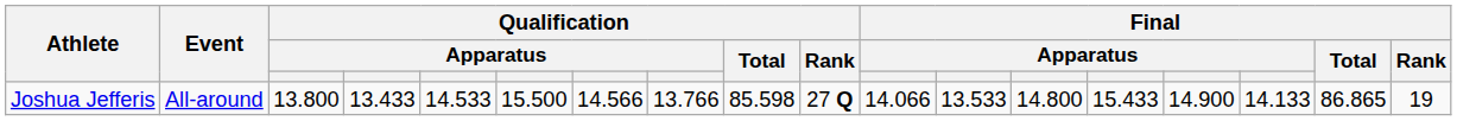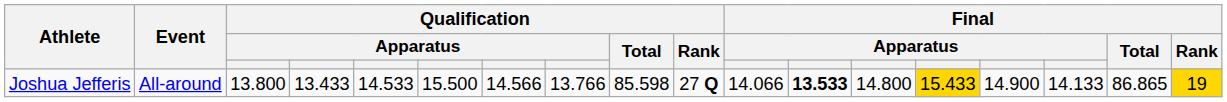 <table class="wikitable" style="font-size:90%">
 <tr>
 <th rowspan="3">Athlete</th>
 <th rowspan="3">Event</th>
 <th colspan=8>Qualification</th>
 <th colspan=8>Final</th>
 </tr>
 <tr style="font-size:95%">
 <th colspan = "6">Apparatus</th>
 <th rowspan=2>Total</th>
 <th rowspan=2>Rank</th>
 <th colspan = "6">Apparatus</th>
 <th rowspan=2>Total</th>
 <th rowspan=2>Rank</th>
 </tr>
 <tr style="font-size:95%">
 <th></th>
 <th></th>
 <th></th>
 <th></th>
 <th></th>
 <th></th>
 <th></th>
 <th></th>
 <th></th>
 <th></th>
 <th></th>
 <th></th>
 </tr>
 <tr align=center>
 <td align=left><a href='#'>Joshua Jefferis</a></td>
 <td align=left><a href='#'>All-around</a></td>
 <td>13.800</td>
 <td>13.433</td>
 <td>14.533</td>
 <td>15.500</td>
 <td>14.566</td>
 <td>13.766</td>
 <td>85.598</td>
 <td>27 <strong>Q</strong></td>
 <td>14.066</td>
-<td>13.533</td>
+<td><strong>13.533</strong></td>
 <td>14.800</td>
-<td>15.433</td>
+<td style="background: gold;">15.433</td>
 <td>14.900</td>
 <td>14.133</td>
 <td>86.865</td>
-<td>19</td>
+<td style="background: gold;">19</td>
 </tr>
 </table>
